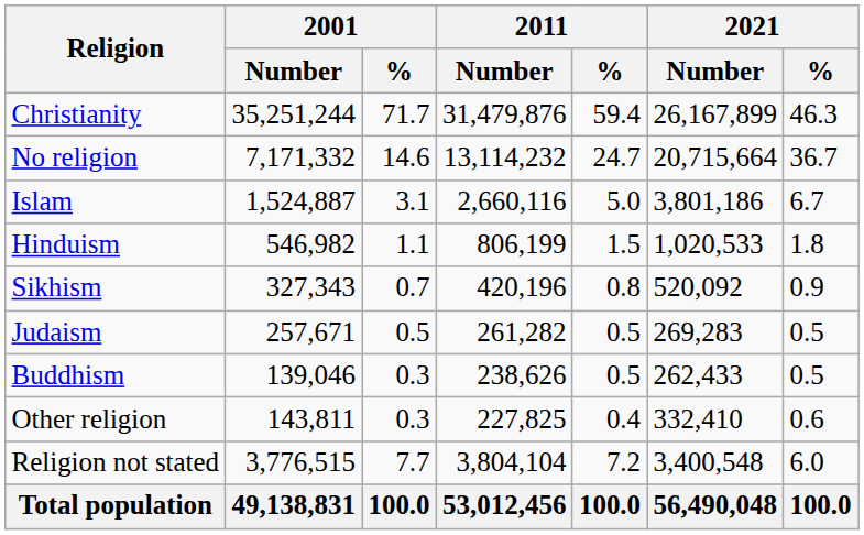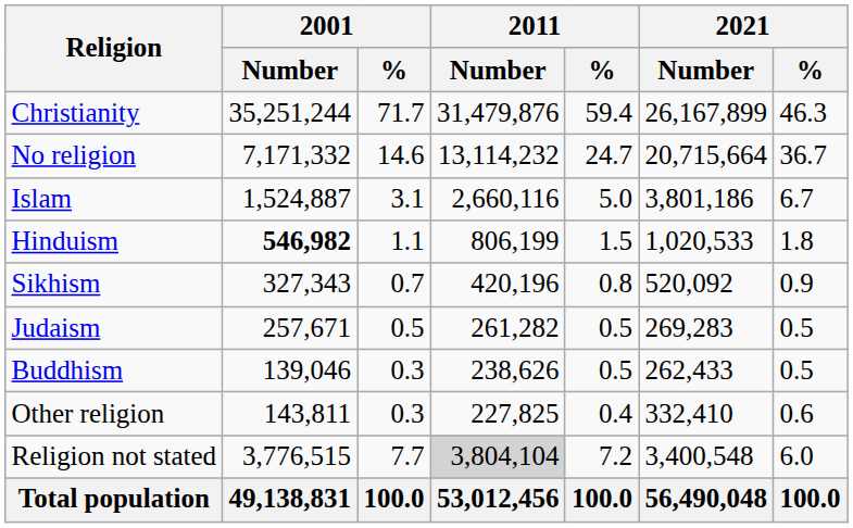 <table class="wikitable">
 <tr>
 <th rowspan="2">Religion</th>
 <th colspan="2">2001</th>
 <th colspan="2">2011</th>
 <th colspan="2">2021</th>
 </tr>
 <tr>
 <th>Number</th>
 <th>%</th>
 <th>Number</th>
 <th>%</th>
 <th>Number</th>
 <th>%</th>
 </tr>
 <tr>
 <td><a href='#'>Christianity</a></td>
 <td align=right>35,251,244</td>
 <td align=right>71.7</td>
 <td align=right>31,479,876</td>
 <td align=right>59.4</td>
 <td>26,167,899</td>
 <td>46.3</td>
 </tr>
 <tr>
 <td><a href='#'>No religion</a></td>
 <td align=right>7,171,332</td>
 <td align=right>14.6</td>
 <td align=right>13,114,232</td>
 <td align=right>24.7</td>
 <td>20,715,664</td>
 <td>36.7</td>
 </tr>
 <tr>
 <td><a href='#'>Islam</a></td>
 <td align=right>1,524,887</td>
 <td align=right>3.1</td>
 <td align=right>2,660,116</td>
 <td align=right>5.0</td>
 <td>3,801,186</td>
 <td>6.7</td>
 </tr>
 <tr>
 <td><a href='#'>Hinduism</a></td>
-<td align=right>546,982</td>
+<td align=right><strong>546,982</strong></td>
 <td align=right>1.1</td>
 <td align=right>806,199</td>
 <td align=right>1.5</td>
 <td>1,020,533</td>
 <td>1.8</td>
 </tr>
 <tr>
 <td><a href='#'>Sikhism</a></td>
 <td align=right>327,343</td>
 <td align=right>0.7</td>
 <td align=right>420,196</td>
 <td align=right>0.8</td>
 <td>520,092</td>
 <td>0.9</td>
 </tr>
 <tr>
 <td><a href='#'>Judaism</a></td>
 <td align=right>257,671</td>
 <td align=right>0.5</td>
 <td align=right>261,282</td>
 <td align=right>0.5</td>
 <td>269,283</td>
 <td>0.5</td>
 </tr>
 <tr>
 <td><a href='#'>Buddhism</a></td>
 <td align=right>139,046</td>
 <td align=right>0.3</td>
 <td align=right>238,626</td>
 <td align=right>0.5</td>
 <td>262,433</td>
 <td>0.5</td>
 </tr>
 <tr>
 <td>Other religion</td>
 <td align=right>143,811</td>
 <td align=right>0.3</td>
 <td align=right>227,825</td>
 <td align=right>0.4</td>
 <td>332,410</td>
 <td>0.6</td>
 </tr>
 <tr>
 <td>Religion not stated</td>
 <td align=right>3,776,515</td>
 <td align=right>7.7</td>
-<td align=right>3,804,104</td>
+<td align=right style="background: lightgrey;">3,804,104</td>
 <td align=right>7.2</td>
 <td>3,400,548</td>
 <td>6.0</td>
 </tr>
 <tr>
 <th>Total population</th>
 <th align=right>49,138,831</th>
 <th align=right>100.0</th>
 <th align=right>53,012,456</th>
 <th align=right>100.0</th>
 <th>56,490,048</th>
 <th>100.0</th>
 </tr>
 </table>
